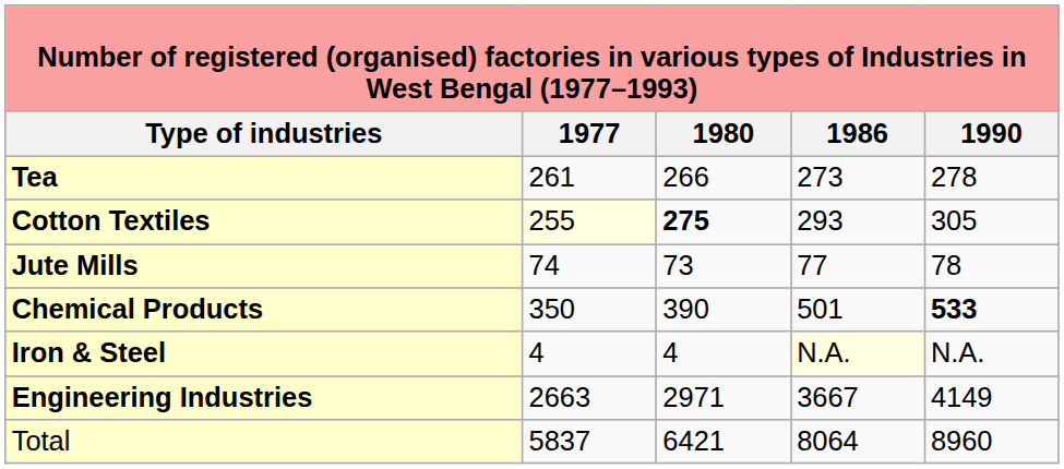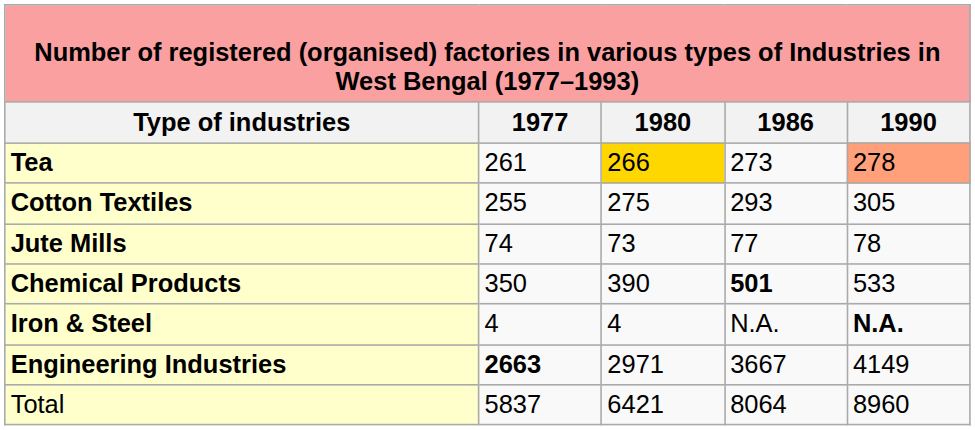 <table class="wikitable">
 <tr>
 <th colspan="8" style="background: #FAA0A0;"><br>Number of registered (organised) factories in various types of Industries in West Bengal (1977–1993)</th>
 </tr>
 <tr>
 <th>Type of industries</th>
 <th><strong>1977</strong></th>
 <th><strong>1980</strong></th>
 <th><strong>1986</strong></th>
 <th><strong>1990</strong></th>
 </tr>
 <tr>
 <td style="background:#FFFFCC;"><strong>Tea</strong></td>
 <td>261</td>
-<td>266</td>
+<td style="background: gold;">266</td>
 <td>273</td>
-<td>278</td>
+<td style="background: lightsalmon;">278</td>
 </tr>
 <tr>
 <td style="background:#FFFFCC;"><strong>Cotton Textiles</strong></td>
-<td style="background: lightyellow;">255</td>
-<td><strong>275</strong></td>
+<td>255</td>
+<td>275</td>
 <td>293</td>
 <td>305</td>
 </tr>
 <tr>
 <td style="background:#FFFFCC;"><strong>Jute Mills</strong></td>
 <td>74</td>
 <td>73</td>
 <td>77</td>
 <td>78</td>
 </tr>
 <tr>
 <td style="background:#FFFFCC;"><strong>Chemical Products</strong></td>
 <td>350</td>
 <td>390</td>
-<td>501</td>
-<td><strong>533</strong></td>
+<td><strong>501</strong></td>
+<td>533</td>
 </tr>
 <tr>
 <td style="background:#FFFFCC;"><strong>Iron & Steel</strong></td>
 <td>4</td>
 <td>4</td>
-<td style="background: lightyellow;">N.A.</td>
 <td>N.A.</td>
+<td><strong>N.A.</strong></td>
 </tr>
 <tr>
 <td style="background:#FFFFCC;"><strong>Engineering Industries</strong></td>
-<td>2663</td>
+<td><strong>2663</strong></td>
 <td>2971</td>
 <td>3667</td>
 <td>4149</td>
 </tr>
 <tr>
 <td style="background:#FFFFCC;">Total</td>
 <td>5837</td>
 <td>6421</td>
 <td>8064</td>
 <td>8960</td>
 </tr>
 </table>
